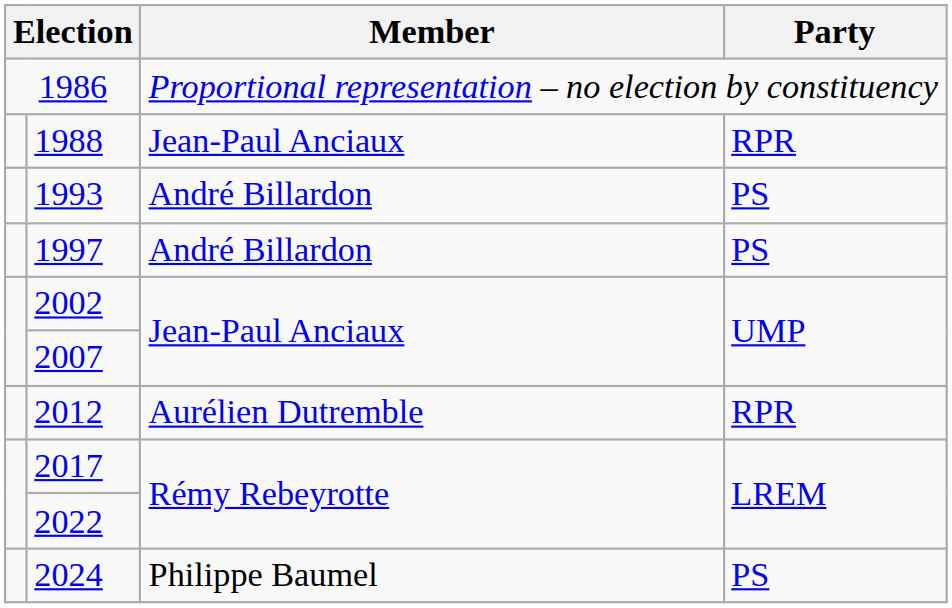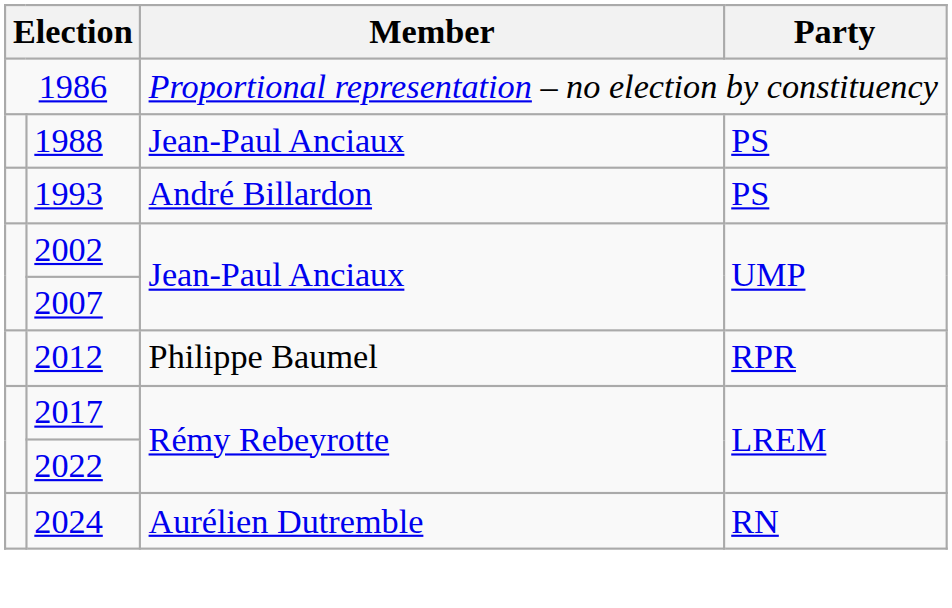 <table class="wikitable">
 <tr>
 <th colspan="2">Election</th>
 <th>Member</th>
 <th>Party</th>
 </tr>
 <tr>
 <td colspan="2" align="center"><a href='#'>1986</a></td>
 <td colspan="2"><em><a href='#'>Proportional representation</a> – no election by constituency</em></td>
 </tr>
 <tr>
 <td style="background-color: "></td>
 <td><a href='#'>1988</a></td>
 <td><a href='#'>Jean-Paul Anciaux</a></td>
-<td><a href='#'>RPR</a></td>
+<td><a href='#'>PS</a></td>
 </tr>
 <tr>
 <td style="background-color: "></td>
 <td><a href='#'>1993</a></td>
-<td><a href='#'>André Billardon</a></td>
-<td><a href='#'>PS</a></td>
-</tr>
-<tr>
-<td style="background-color: "></td>
-<td><a href='#'>1997</a></td>
 <td><a href='#'>André Billardon</a></td>
 <td><a href='#'>PS</a></td>
 </tr>
 <tr>
 <td rowspan="2" style="background-color: "></td>
 <td><a href='#'>2002</a></td>
 <td rowspan="2"><a href='#'>Jean-Paul Anciaux</a></td>
 <td rowspan="2"><a href='#'>UMP</a></td>
 </tr>
 <tr>
 <td><a href='#'>2007</a></td>
 </tr>
 <tr>
 <td style="background-color: "></td>
 <td><a href='#'>2012</a></td>
-<td><a href='#'>Aurélien Dutremble</a></td>
+<td>Philippe Baumel</td>
 <td><a href='#'>RPR</a></td>
 </tr>
 <tr>
 <td rowspan="2" style="background-color: "></td>
 <td><a href='#'>2017</a></td>
 <td rowspan="2"><a href='#'>Rémy Rebeyrotte</a></td>
 <td rowspan="2"><a href='#'>LREM</a></td>
 </tr>
 <tr>
 <td><a href='#'>2022</a></td>
 </tr>
 <tr>
 <td style="background-color: "></td>
 <td><a href='#'>2024</a></td>
-<td>Philippe Baumel</td>
-<td><a href='#'>PS</a></td>
+<td><a href='#'>Aurélien Dutremble</a></td>
+<td><a href='#'>RN</a></td>
 </tr>
 </table>
